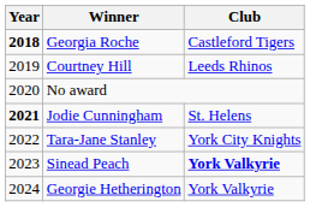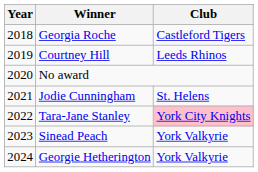 <table class="wikitable">
 <tr>
 <th>Year</th>
 <th>Winner</th>
 <th>Club</th>
 </tr>
 <tr>
-<td><strong>2018</strong></td>
+<td>2018</td>
 <td> <a href='#'>Georgia Roche</a></td>
 <td> <a href='#'>Castleford Tigers</a></td>
 </tr>
 <tr>
 <td>2019</td>
 <td> <a href='#'>Courtney Hill</a></td>
 <td> <a href='#'>Leeds Rhinos</a></td>
 </tr>
 <tr>
 <td>2020</td>
 <td colspan="2">No award</td>
 </tr>
 <tr>
-<td><strong>2021</strong></td>
+<td>2021</td>
 <td> <a href='#'>Jodie Cunningham</a></td>
 <td> <a href='#'>St. Helens</a></td>
 </tr>
 <tr>
 <td>2022</td>
 <td> <a href='#'>Tara-Jane Stanley</a></td>
-<td> <a href='#'>York City Knights</a></td>
+<td style="background: pink;"> <a href='#'>York City Knights</a></td>
 </tr>
 <tr>
 <td>2023</td>
 <td> <a href='#'>Sinead Peach</a></td>
-<td><strong> <a href='#'>York Valkyrie</a></strong></td>
+<td> <a href='#'>York Valkyrie</a></td>
 </tr>
 <tr>
 <td>2024</td>
 <td> <a href='#'>Georgie Hetherington</a></td>
 <td> <a href='#'>York Valkyrie</a></td>
 </tr>
 </table>
